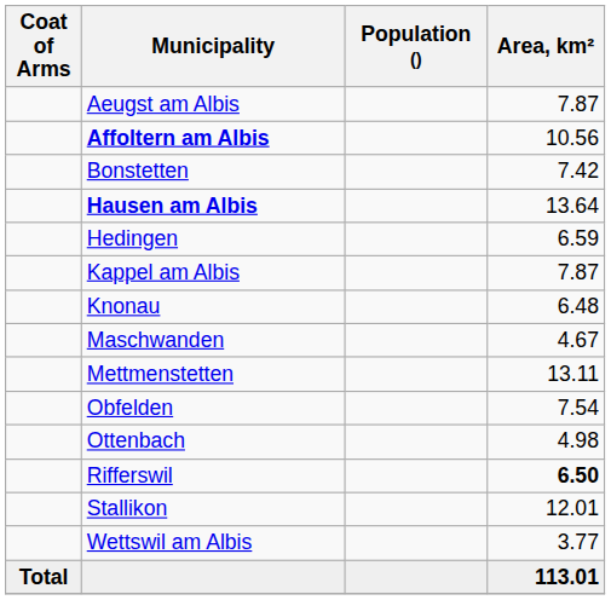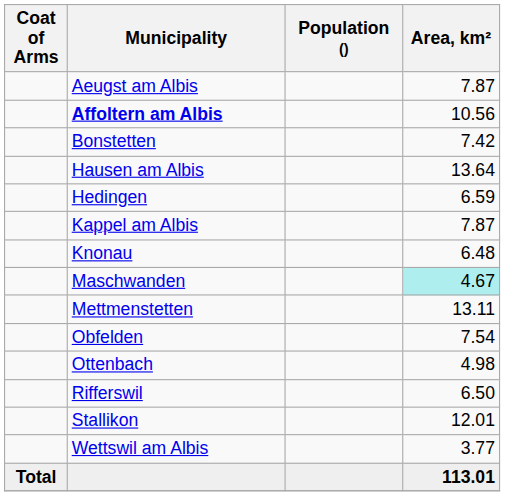 <table class="wikitable">
 <tr>
 <th width="50">Coat of Arms</th>
 <th width="190">Municipality</th>
 <th width="100">Population<br><small>()</small></th>
 <th width="80">Area, km²</th>
 </tr>
 <tr>
 <td align="center"></td>
 <td><a href='#'>Aeugst am Albis</a></td>
 <td align="center"></td>
 <td align="right">7.87</td>
 </tr>
 <tr>
 <td align="center"></td>
 <td><strong><a href='#'>Affoltern am Albis</a></strong></td>
 <td align="center"></td>
 <td align="right">10.56</td>
 </tr>
 <tr>
 <td align="center"></td>
 <td><a href='#'>Bonstetten</a></td>
 <td align="center"></td>
 <td align="right">7.42</td>
 </tr>
 <tr>
 <td align="center"></td>
-<td><strong><a href='#'>Hausen am Albis</a></strong></td>
+<td><a href='#'>Hausen am Albis</a></td>
 <td align="center"></td>
 <td align="right">13.64</td>
 </tr>
 <tr>
 <td align="center"></td>
 <td><a href='#'>Hedingen</a></td>
 <td align="center"></td>
 <td align="right">6.59</td>
 </tr>
 <tr>
 <td align="center"></td>
 <td><a href='#'>Kappel am Albis</a></td>
 <td align="center"></td>
 <td align="right">7.87</td>
 </tr>
 <tr>
 <td align="center"></td>
 <td><a href='#'>Knonau</a></td>
 <td align="center"></td>
 <td align="right">6.48</td>
 </tr>
 <tr>
 <td align="center"></td>
 <td><a href='#'>Maschwanden</a></td>
 <td align="center"></td>
-<td align="right">4.67</td>
+<td align="right" style="background: paleturquoise;">4.67</td>
 </tr>
 <tr>
 <td align="center"></td>
 <td><a href='#'>Mettmenstetten</a></td>
 <td align="center"></td>
 <td align="right">13.11</td>
 </tr>
 <tr>
 <td align="center"></td>
 <td><a href='#'>Obfelden</a></td>
 <td align="center"></td>
 <td align="right">7.54</td>
 </tr>
 <tr>
 <td align="center"></td>
 <td><a href='#'>Ottenbach</a></td>
 <td align="center"></td>
 <td align="right">4.98</td>
 </tr>
 <tr>
 <td align="center"></td>
 <td><a href='#'>Rifferswil</a></td>
 <td align="center"></td>
-<td align="right"><strong>6.50</strong></td>
+<td align="right">6.50</td>
 </tr>
 <tr>
 <td align="center"></td>
 <td><a href='#'>Stallikon</a></td>
 <td align="center"></td>
 <td align="right">12.01</td>
 </tr>
 <tr>
 <td align="center"></td>
 <td><a href='#'>Wettswil am Albis</a></td>
 <td align="center"></td>
 <td align="right">3.77</td>
 </tr>
 <tr style="background-color:#EFEFEF;">
 <td align="center"><strong>Total</strong></td>
 <td align="center"></td>
 <td align="center"><strong></strong></td>
 <td align="right"><strong>113.01</strong></td>
 </tr>
 <tr>
 </tr>
 </table>
